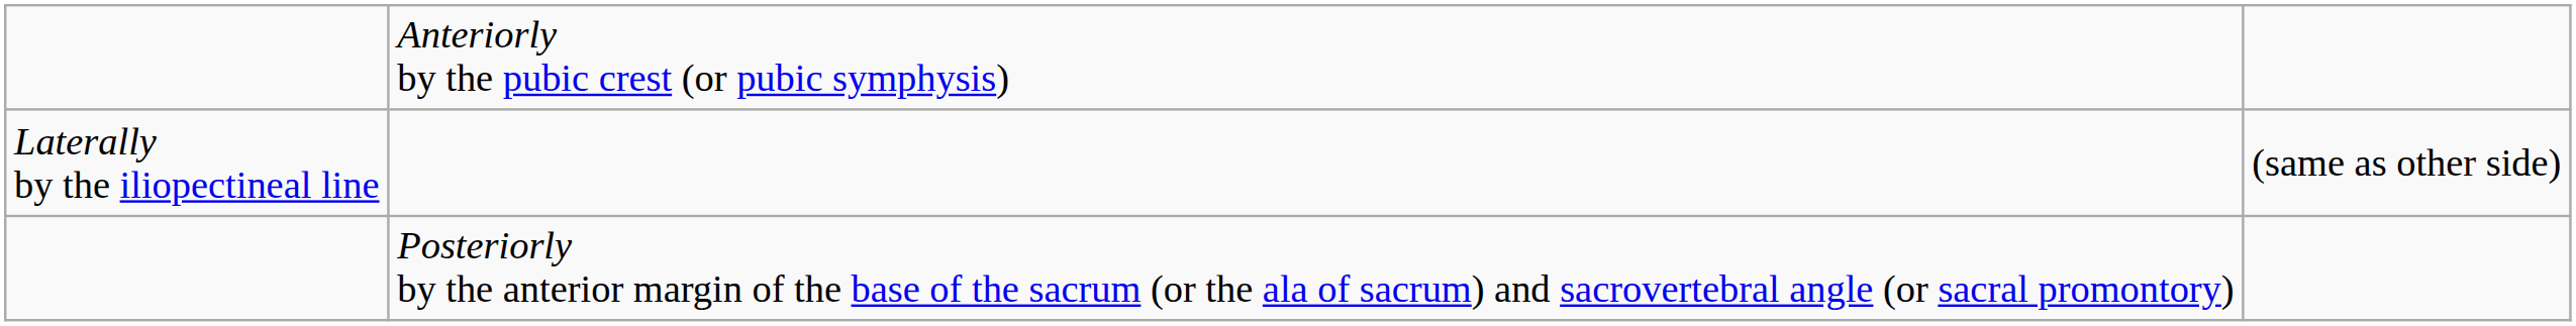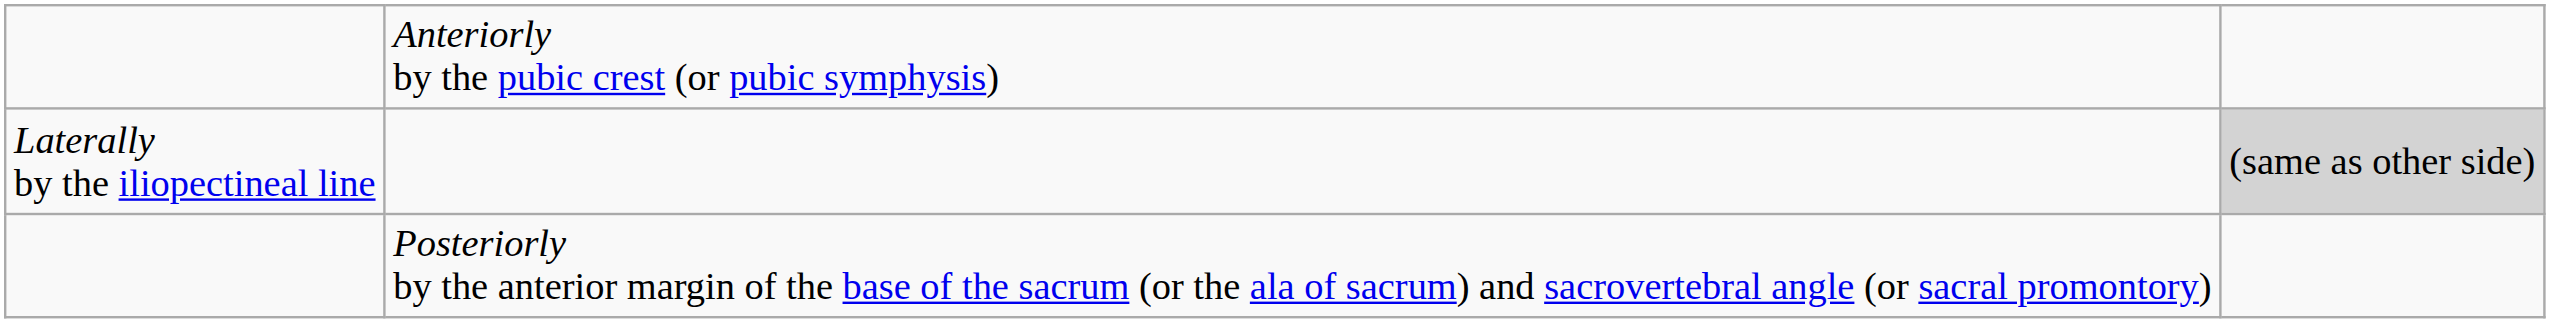 <table class="wikitable">
 <tr>
 <td></td>
 <td><em>Anteriorly</em><br>by the <a href='#'>pubic crest</a> (or <a href='#'>pubic symphysis</a>)</td>
 <td></td>
 </tr>
 <tr>
 <td><em>Laterally</em><br>by the <a href='#'>iliopectineal line</a></td>
 <td></td>
-<td>(same as other side)</td>
+<td style="background: lightgrey;">(same as other side)</td>
 </tr>
 <tr>
 <td></td>
 <td><em>Posteriorly</em><br>by the anterior margin of the <a href='#'>base of the sacrum</a> (or the <a href='#'>ala of sacrum</a>) and <a href='#'>sacrovertebral angle</a> (or <a href='#'>sacral promontory</a>)</td>
 <td></td>
 </tr>
 </table>
